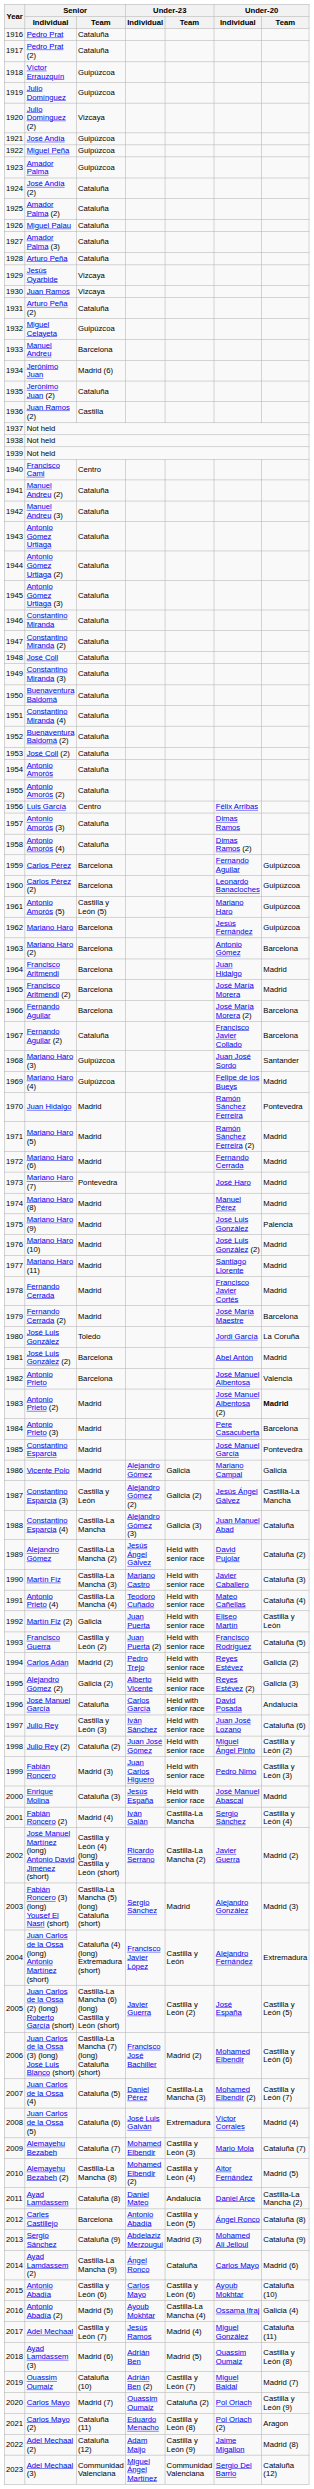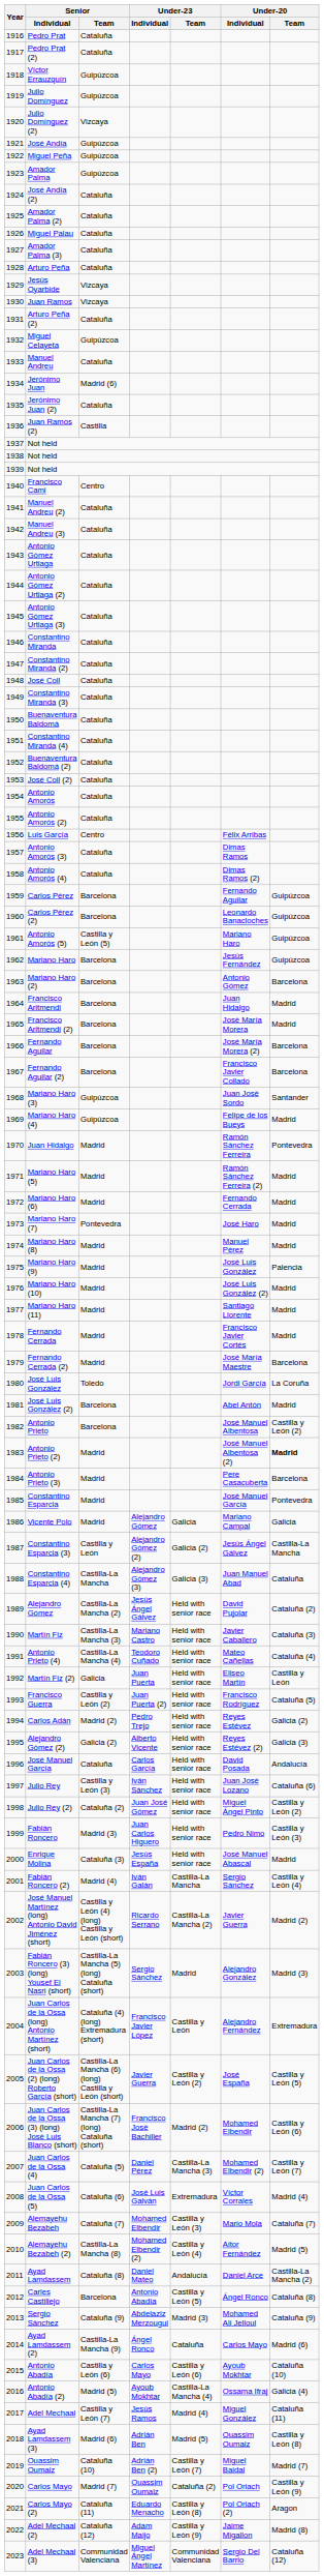 <table class="wikitable">
 <tr>
 <th rowspan="2">Year</th>
 <th colspan="2">Senior</th>
 <th colspan="2">Under-23</th>
 <th colspan="2">Under-20</th>
 </tr>
 <tr>
 <th>Individual</th>
 <th>Team</th>
 <th>Individual</th>
 <th>Team</th>
 <th>Individual</th>
 <th>Team</th>
 </tr>
 <tr>
 <td>1916</td>
 <td><a href='#'>Pedro Prat</a></td>
 <td>Cataluña</td>
 <td></td>
 <td></td>
 <td></td>
 <td></td>
 </tr>
 <tr>
 <td>1917</td>
 <td><a href='#'>Pedro Prat</a> (2)</td>
 <td>Cataluña</td>
 <td></td>
 <td></td>
 <td></td>
 <td></td>
 </tr>
 <tr>
 <td>1918</td>
 <td><a href='#'>Víctor Errauzquín</a></td>
 <td>Guipúzcoa</td>
 <td></td>
 <td></td>
 <td></td>
 <td></td>
 </tr>
 <tr>
 <td>1919</td>
 <td><a href='#'>Julio Domínguez</a></td>
 <td>Guipúzcoa</td>
 <td></td>
 <td></td>
 <td></td>
 <td></td>
 </tr>
 <tr>
 <td>1920</td>
 <td><a href='#'>Julio Domínguez</a> (2)</td>
 <td>Vizcaya</td>
 <td></td>
 <td></td>
 <td></td>
 <td></td>
 </tr>
 <tr>
 <td>1921</td>
 <td><a href='#'>José Andía</a></td>
 <td>Guipúzcoa</td>
 <td></td>
 <td></td>
 <td></td>
 <td></td>
 </tr>
 <tr>
 <td>1922</td>
 <td><a href='#'>Miguel Peña</a></td>
 <td>Guipúzcoa</td>
 <td></td>
 <td></td>
 <td></td>
 <td></td>
 </tr>
 <tr>
 <td>1923</td>
 <td><a href='#'>Amador Palma</a></td>
 <td>Guipúzcoa</td>
 <td></td>
 <td></td>
 <td></td>
 <td></td>
 </tr>
 <tr>
 <td>1924</td>
 <td><a href='#'>José Andía</a> (2)</td>
 <td>Cataluña</td>
 <td></td>
 <td></td>
 <td></td>
 <td></td>
 </tr>
 <tr>
 <td>1925</td>
 <td><a href='#'>Amador Palma</a> (2)</td>
 <td>Cataluña</td>
 <td></td>
 <td></td>
 <td></td>
 <td></td>
 </tr>
 <tr>
 <td>1926</td>
 <td><a href='#'>Miguel Palau</a></td>
 <td>Cataluña</td>
 <td></td>
 <td></td>
 <td></td>
 <td></td>
 </tr>
 <tr>
 <td>1927</td>
 <td><a href='#'>Amador Palma</a> (3)</td>
 <td>Cataluña</td>
 <td></td>
 <td></td>
 <td></td>
 <td></td>
 </tr>
 <tr>
 <td>1928</td>
 <td><a href='#'>Arturo Peña</a></td>
 <td>Cataluña</td>
 <td></td>
 <td></td>
 <td></td>
 <td></td>
 </tr>
 <tr>
 <td>1929</td>
 <td><a href='#'>Jesús Oyarbide</a></td>
 <td>Vizcaya</td>
 <td></td>
 <td></td>
 <td></td>
 <td></td>
 </tr>
 <tr>
 <td>1930</td>
 <td><a href='#'>Juan Ramos</a></td>
 <td>Vizcaya</td>
 <td></td>
 <td></td>
 <td></td>
 <td></td>
 </tr>
 <tr>
 <td>1931</td>
 <td><a href='#'>Arturo Peña</a> (2)</td>
 <td>Cataluña</td>
 <td></td>
 <td></td>
 <td></td>
 <td></td>
 </tr>
 <tr>
 <td>1932</td>
 <td><a href='#'>Miguel Celayeta</a></td>
 <td>Guipúzcoa</td>
 <td></td>
 <td></td>
 <td></td>
 <td></td>
 </tr>
 <tr>
 <td>1933</td>
 <td><a href='#'>Manuel Andreu</a></td>
-<td>Barcelona</td>
+<td>Cataluña</td>
 <td></td>
 <td></td>
 <td></td>
 <td></td>
 </tr>
 <tr>
 <td>1934</td>
 <td><a href='#'>Jerónimo Juan</a></td>
 <td> Madrid (6)</td>
 <td></td>
 <td></td>
 <td></td>
 <td></td>
 </tr>
 <tr>
 <td>1935</td>
 <td><a href='#'>Jerónimo Juan</a> (2)</td>
 <td>Cataluña</td>
 <td></td>
 <td></td>
 <td></td>
 <td></td>
 </tr>
 <tr>
 <td>1936</td>
 <td><a href='#'>Juan Ramos</a> (2)</td>
 <td>Castilla</td>
 <td></td>
 <td></td>
 <td></td>
 <td></td>
 </tr>
 <tr>
 <td>1937</td>
 <td colspan="6">Not held</td>
 </tr>
 <tr>
 <td>1938</td>
 <td colspan="6">Not held</td>
 </tr>
 <tr>
 <td>1939</td>
 <td colspan="6">Not held</td>
 </tr>
 <tr>
 <td>1940</td>
 <td><a href='#'>Francisco Cami</a></td>
 <td>Centro</td>
 <td></td>
 <td></td>
 <td></td>
 <td></td>
 </tr>
 <tr>
 <td>1941</td>
 <td><a href='#'>Manuel Andreu</a> (2)</td>
 <td>Cataluña</td>
 <td></td>
 <td></td>
 <td></td>
 <td></td>
 </tr>
 <tr>
 <td>1942</td>
 <td><a href='#'>Manuel Andreu</a> (3)</td>
 <td>Cataluña</td>
 <td></td>
 <td></td>
 <td></td>
 <td></td>
 </tr>
 <tr>
 <td>1943</td>
 <td><a href='#'>Antonio Gómez Urtiaga</a></td>
 <td>Cataluña</td>
 <td></td>
 <td></td>
 <td></td>
 <td></td>
 </tr>
 <tr>
 <td>1944</td>
 <td><a href='#'>Antonio Gómez Urtiaga</a> (2)</td>
 <td>Cataluña</td>
 <td></td>
 <td></td>
 <td></td>
 <td></td>
 </tr>
 <tr>
 <td>1945</td>
 <td><a href='#'>Antonio Gómez Urtiaga</a> (3)</td>
 <td>Cataluña</td>
 <td></td>
 <td></td>
 <td></td>
 <td></td>
 </tr>
 <tr>
 <td>1946</td>
 <td><a href='#'>Constantino Miranda</a></td>
 <td>Cataluña</td>
 <td></td>
 <td></td>
 <td></td>
 <td></td>
 </tr>
 <tr>
 <td>1947</td>
 <td><a href='#'>Constantino Miranda</a> (2)</td>
 <td>Cataluña</td>
 <td></td>
 <td></td>
 <td></td>
 <td></td>
 </tr>
 <tr>
 <td>1948</td>
 <td><a href='#'>José Coll</a></td>
 <td>Cataluña</td>
 <td></td>
 <td></td>
 <td></td>
 <td></td>
 </tr>
 <tr>
 <td>1949</td>
 <td><a href='#'>Constantino Miranda</a> (3)</td>
 <td>Cataluña</td>
 <td></td>
 <td></td>
 <td></td>
 <td></td>
 </tr>
 <tr>
 <td>1950</td>
 <td><a href='#'>Buenaventura Baldomá</a></td>
 <td>Cataluña</td>
 <td></td>
 <td></td>
 <td></td>
 <td></td>
 </tr>
 <tr>
 <td>1951</td>
 <td><a href='#'>Constantino Miranda</a> (4)</td>
 <td>Cataluña</td>
 <td></td>
 <td></td>
 <td></td>
 <td></td>
 </tr>
 <tr>
 <td>1952</td>
 <td><a href='#'>Buenaventura Baldomá</a> (2)</td>
 <td>Cataluña</td>
 <td></td>
 <td></td>
 <td></td>
 <td></td>
 </tr>
 <tr>
 <td>1953</td>
 <td><a href='#'>José Coll</a> (2)</td>
 <td>Cataluña</td>
 <td></td>
 <td></td>
 <td></td>
 <td></td>
 </tr>
 <tr>
 <td>1954</td>
 <td><a href='#'>Antonio Amorós</a></td>
 <td>Cataluña</td>
 <td></td>
 <td></td>
 <td></td>
 <td></td>
 </tr>
 <tr>
 <td>1955</td>
 <td><a href='#'>Antonio Amorós</a> (2)</td>
 <td>Cataluña</td>
 <td></td>
 <td></td>
 <td></td>
 <td></td>
 </tr>
 <tr>
 <td>1956</td>
 <td><a href='#'>Luis García</a></td>
 <td>Centro</td>
 <td></td>
 <td></td>
 <td><a href='#'>Félix Arribas</a></td>
 <td></td>
 </tr>
 <tr>
 <td>1957</td>
 <td><a href='#'>Antonio Amorós</a> (3)</td>
 <td>Cataluña</td>
 <td></td>
 <td></td>
 <td><a href='#'>Dimas Ramos</a></td>
 <td></td>
 </tr>
 <tr>
 <td>1958</td>
 <td><a href='#'>Antonio Amorós</a> (4)</td>
 <td>Cataluña</td>
 <td></td>
 <td></td>
 <td><a href='#'>Dimas Ramos</a> (2)</td>
 <td></td>
 </tr>
 <tr>
 <td>1959</td>
 <td><a href='#'>Carlos Pérez</a></td>
 <td>Barcelona</td>
 <td></td>
 <td></td>
 <td><a href='#'>Fernando Aguilar</a></td>
 <td>Guipúzcoa</td>
 </tr>
 <tr>
 <td>1960</td>
 <td><a href='#'>Carlos Pérez</a> (2)</td>
 <td>Barcelona</td>
 <td></td>
 <td></td>
 <td><a href='#'>Leonardo Banacloches</a></td>
 <td>Guipúzcoa</td>
 </tr>
 <tr>
 <td>1961</td>
 <td><a href='#'>Antonio Amorós</a> (5)</td>
 <td> Castilla y León (5)</td>
 <td></td>
 <td></td>
 <td><a href='#'>Mariano Haro</a></td>
 <td>Guipúzcoa</td>
 </tr>
 <tr>
 <td>1962</td>
 <td><a href='#'>Mariano Haro</a></td>
 <td>Barcelona</td>
 <td></td>
 <td></td>
 <td><a href='#'>Jesús Fernández</a></td>
 <td>Guipúzcoa</td>
 </tr>
 <tr>
 <td>1963</td>
 <td><a href='#'>Mariano Haro</a> (2)</td>
 <td>Barcelona</td>
 <td></td>
 <td></td>
 <td><a href='#'>Antonio Gómez</a></td>
 <td>Barcelona</td>
 </tr>
 <tr>
 <td>1964</td>
 <td><a href='#'>Francisco Aritmendi</a></td>
 <td>Barcelona</td>
 <td></td>
 <td></td>
 <td><a href='#'>Juan Hidalgo</a></td>
 <td>Madrid</td>
 </tr>
 <tr>
 <td>1965</td>
 <td><a href='#'>Francisco Aritmendi</a> (2)</td>
 <td>Barcelona</td>
 <td></td>
 <td></td>
 <td><a href='#'>José María Morera</a></td>
 <td>Madrid</td>
 </tr>
 <tr>
 <td>1966</td>
 <td><a href='#'>Fernando Aguilar</a></td>
 <td>Barcelona</td>
 <td></td>
 <td></td>
 <td><a href='#'>José María Morera</a> (2)</td>
 <td>Barcelona</td>
 </tr>
 <tr>
 <td>1967</td>
 <td><a href='#'>Fernando Aguilar</a> (2)</td>
-<td>Cataluña</td>
+<td>Barcelona</td>
 <td></td>
 <td></td>
 <td><a href='#'>Francisco Javier Collado</a></td>
 <td>Barcelona</td>
 </tr>
 <tr>
 <td>1968</td>
 <td><a href='#'>Mariano Haro</a> (3)</td>
 <td>Guipúzcoa</td>
 <td></td>
 <td></td>
 <td><a href='#'>Juan José Sordo</a></td>
 <td>Santander</td>
 </tr>
 <tr>
 <td>1969</td>
 <td><a href='#'>Mariano Haro</a> (4)</td>
 <td>Guipúzcoa</td>
 <td></td>
 <td></td>
 <td><a href='#'>Felipe de los Bueys</a></td>
 <td>Madrid</td>
 </tr>
 <tr>
 <td>1970</td>
 <td><a href='#'>Juan Hidalgo</a></td>
 <td>Madrid</td>
 <td></td>
 <td></td>
 <td><a href='#'>Ramón Sánchez Ferreira</a></td>
 <td>Pontevedra</td>
 </tr>
 <tr>
 <td>1971</td>
 <td><a href='#'>Mariano Haro</a> (5)</td>
 <td>Madrid</td>
 <td></td>
 <td></td>
 <td><a href='#'>Ramón Sánchez Ferreira</a> (2)</td>
 <td>Madrid</td>
 </tr>
 <tr>
 <td>1972</td>
 <td><a href='#'>Mariano Haro</a> (6)</td>
 <td>Madrid</td>
 <td></td>
 <td></td>
 <td><a href='#'>Fernando Cerrada</a></td>
 <td>Madrid</td>
 </tr>
 <tr>
 <td>1973</td>
 <td><a href='#'>Mariano Haro</a> (7)</td>
 <td>Pontevedra</td>
 <td></td>
 <td></td>
 <td><a href='#'>José Haro</a></td>
 <td>Madrid</td>
 </tr>
 <tr>
 <td>1974</td>
 <td><a href='#'>Mariano Haro</a> (8)</td>
 <td>Madrid</td>
 <td></td>
 <td></td>
 <td><a href='#'>Manuel Pérez</a></td>
 <td>Madrid</td>
 </tr>
 <tr>
 <td>1975</td>
 <td><a href='#'>Mariano Haro</a> (9)</td>
 <td>Madrid</td>
 <td></td>
 <td></td>
 <td><a href='#'>José Luis González</a></td>
 <td>Palencia</td>
 </tr>
 <tr>
 <td>1976</td>
 <td><a href='#'>Mariano Haro</a> (10)</td>
 <td>Madrid</td>
 <td></td>
 <td></td>
 <td><a href='#'>José Luis González</a> (2)</td>
 <td>Madrid</td>
 </tr>
 <tr>
 <td>1977</td>
 <td><a href='#'>Mariano Haro</a> (11)</td>
 <td>Madrid</td>
 <td></td>
 <td></td>
 <td><a href='#'>Santiago Llorente</a></td>
 <td>Madrid</td>
 </tr>
 <tr>
 <td>1978</td>
 <td><a href='#'>Fernando Cerrada</a></td>
 <td>Madrid</td>
 <td></td>
 <td></td>
 <td><a href='#'>Francisco Javier Cortés</a></td>
 <td>Madrid</td>
 </tr>
 <tr>
 <td>1979</td>
 <td><a href='#'>Fernando Cerrada</a> (2)</td>
 <td>Madrid</td>
 <td></td>
 <td></td>
 <td><a href='#'>José María Maestre</a></td>
 <td>Barcelona</td>
 </tr>
 <tr>
 <td>1980</td>
 <td><a href='#'>José Luis González</a></td>
 <td>Toledo</td>
 <td></td>
 <td></td>
 <td><a href='#'>Jordi García</a></td>
 <td>La Coruña</td>
 </tr>
 <tr>
 <td>1981</td>
 <td><a href='#'>José Luis González</a> (2)</td>
 <td>Barcelona</td>
 <td></td>
 <td></td>
 <td><a href='#'>Abel Antón</a></td>
 <td>Madrid</td>
 </tr>
 <tr>
 <td>1982</td>
 <td><a href='#'>Antonio Prieto</a></td>
 <td>Barcelona</td>
 <td></td>
 <td></td>
 <td><a href='#'>José Manuel Albentosa</a></td>
-<td>Valencia</td>
+<td> Castilla y León (2)</td>
 </tr>
 <tr>
 <td>1983</td>
 <td><a href='#'>Antonio Prieto</a> (2)</td>
 <td>Madrid</td>
 <td></td>
 <td></td>
 <td><a href='#'>José Manuel Albentosa</a> (2)</td>
 <td><strong>Madrid</strong></td>
 </tr>
 <tr>
 <td>1984</td>
 <td><a href='#'>Antonio Prieto</a> (3)</td>
 <td>Madrid</td>
 <td></td>
 <td></td>
 <td><a href='#'>Pere Casacuberta</a></td>
 <td>Barcelona</td>
 </tr>
 <tr>
 <td>1985</td>
 <td><a href='#'>Constantino Esparcia</a></td>
 <td>Madrid</td>
 <td></td>
 <td></td>
 <td><a href='#'>José Manuel García</a></td>
 <td>Pontevedra</td>
 </tr>
 <tr>
 <td>1986</td>
 <td><a href='#'>Vicente Polo</a></td>
 <td> Madrid</td>
 <td><a href='#'>Alejandro Gómez</a></td>
 <td> Galicia</td>
 <td><a href='#'>Mariano Campal</a></td>
 <td> Galicia</td>
 </tr>
 <tr>
 <td>1987</td>
 <td><a href='#'>Constantino Esparcia</a> (3)</td>
 <td> Castilla y León</td>
 <td><a href='#'>Alejandro Gómez</a> (2)</td>
 <td> Galicia (2)</td>
 <td><a href='#'>Jesús Ángel Gálvez</a></td>
 <td> Castilla-La Mancha</td>
 </tr>
 <tr>
 <td>1988</td>
 <td><a href='#'>Constantino Esparcia</a> (4)</td>
 <td> Castilla-La Mancha</td>
 <td><a href='#'>Alejandro Gómez</a> (3)</td>
 <td> Galicia (3)</td>
 <td><a href='#'>Juan Manuel Abad</a></td>
 <td> Cataluña</td>
 </tr>
 <tr>
 <td>1989</td>
 <td><a href='#'>Alejandro Gómez</a></td>
 <td> Castilla-La Mancha (2)</td>
 <td><a href='#'>Jesús Ángel Gálvez</a></td>
 <td>Held with senior race</td>
 <td><a href='#'>David Pujolar</a></td>
 <td> Cataluña (2)</td>
 </tr>
 <tr>
 <td>1990</td>
 <td><a href='#'>Martín Fiz</a></td>
 <td> Castilla-La Mancha (3)</td>
 <td><a href='#'>Mariano Castro</a></td>
 <td>Held with senior race</td>
 <td><a href='#'>Javier Caballero</a></td>
 <td> Cataluña (3)</td>
 </tr>
 <tr>
 <td>1991</td>
 <td><a href='#'>Antonio Prieto</a> (4)</td>
 <td> Castilla-La Mancha (4)</td>
 <td><a href='#'>Teodoro Cuñado</a></td>
 <td>Held with senior race</td>
 <td><a href='#'>Mateo Cañellas</a></td>
 <td> Cataluña (4)</td>
 </tr>
 <tr>
 <td>1992</td>
 <td><a href='#'>Martín Fiz</a> (2)</td>
 <td> Galicia</td>
 <td><a href='#'>Juan Puerta</a></td>
 <td>Held with senior race</td>
 <td><a href='#'>Eliseo Martín</a></td>
 <td> Castilla y León</td>
 </tr>
 <tr>
 <td>1993</td>
 <td><a href='#'>Francisco Guerra</a></td>
 <td> Castilla y León (2)</td>
 <td><a href='#'>Juan Puerta</a> (2)</td>
 <td>Held with senior race</td>
 <td><a href='#'>Francisco Rodríguez</a></td>
 <td> Cataluña (5)</td>
 </tr>
 <tr>
 <td>1994</td>
 <td><a href='#'>Carlos Adán</a></td>
 <td> Madrid (2)</td>
 <td><a href='#'>Pedro Trejo</a></td>
 <td>Held with senior race</td>
 <td><a href='#'>Reyes Estévez</a></td>
 <td> Galicia (2)</td>
 </tr>
 <tr>
 <td>1995</td>
 <td><a href='#'>Alejandro Gómez</a> (2)</td>
 <td> Galicia (2)</td>
 <td><a href='#'>Alberto Vicente</a></td>
 <td>Held with senior race</td>
 <td><a href='#'>Reyes Estévez</a> (2)</td>
 <td> Galicia (3)</td>
 </tr>
 <tr>
 <td>1996</td>
 <td><a href='#'>José Manuel García</a></td>
 <td> Cataluña</td>
 <td><a href='#'>Carlos García</a></td>
 <td>Held with senior race</td>
 <td><a href='#'>David Posada</a></td>
 <td> Andalucía</td>
 </tr>
 <tr>
 <td>1997</td>
 <td><a href='#'>Julio Rey</a></td>
 <td> Castilla y León (3)</td>
 <td><a href='#'>Iván Sánchez</a></td>
 <td>Held with senior race</td>
 <td><a href='#'>Juan José Lozano</a></td>
 <td> Cataluña (6)</td>
 </tr>
 <tr>
 <td>1998</td>
 <td><a href='#'>Julio Rey</a> (2)</td>
 <td> Cataluña (2)</td>
 <td><a href='#'>Juan José Gómez</a></td>
 <td>Held with senior race</td>
 <td><a href='#'>Miguel Ángel Pinto</a></td>
 <td> Castilla y León (2)</td>
 </tr>
 <tr>
 <td>1999</td>
 <td><a href='#'>Fabián Roncero</a></td>
 <td> Madrid (3)</td>
 <td><a href='#'>Juan Carlos Higuero</a></td>
 <td>Held with senior race</td>
 <td><a href='#'>Pedro Nimo</a></td>
 <td> Castilla y León (3)</td>
 </tr>
 <tr>
 <td>2000</td>
 <td><a href='#'>Enrique Molina</a></td>
 <td> Cataluña (3)</td>
 <td><a href='#'>Jesús España</a></td>
 <td>Held with senior race</td>
 <td><a href='#'>José Manuel Abascal</a></td>
 <td> Madrid</td>
 </tr>
 <tr>
 <td>2001</td>
 <td><a href='#'>Fabián Roncero</a> (2)</td>
 <td> Madrid (4)</td>
 <td><a href='#'>Iván Galán</a></td>
 <td> Castilla-La Mancha</td>
 <td><a href='#'>Sergio Sánchez</a></td>
 <td> Castilla y León (4)</td>
 </tr>
 <tr>
 <td>2002</td>
 <td><a href='#'>José Manuel Martínez</a> (long)<br><a href='#'>Antonio David Jiménez</a> (short)</td>
 <td> Castilla y León (4) (long)<br> Castilla y León (short)</td>
 <td><a href='#'>Ricardo Serrano</a></td>
 <td> Castilla-La Mancha (2)</td>
 <td><a href='#'>Javier Guerra</a></td>
 <td> Madrid (2)</td>
 </tr>
 <tr>
 <td>2003</td>
 <td><a href='#'>Fabián Roncero</a> (3) (long)<br><a href='#'>Yousef El Nasri</a> (short)</td>
 <td> Castilla-La Mancha (5) (long)<br> Cataluña (short)</td>
 <td><a href='#'>Sergio Sánchez</a></td>
 <td> Madrid</td>
 <td><a href='#'>Alejandro González</a></td>
 <td> Madrid (3)</td>
 </tr>
 <tr>
 <td>2004</td>
 <td><a href='#'>Juan Carlos de la Ossa</a> (long)<br><a href='#'>Antonio Martínez</a> (short)</td>
 <td> Cataluña (4) (long)<br> Extremadura (short)</td>
 <td><a href='#'>Francisco Javier López</a></td>
 <td> Castilla y León</td>
 <td><a href='#'>Alejandro Fernández</a></td>
 <td> Extremadura</td>
 </tr>
 <tr>
 <td>2005</td>
 <td><a href='#'>Juan Carlos de la Ossa</a> (2) (long)<br><a href='#'>Roberto García</a> (short)</td>
 <td> Castilla-La Mancha (6) (long)<br> Castilla y León (short)</td>
 <td><a href='#'>Javier Guerra</a></td>
 <td> Castilla y León (2)</td>
 <td><a href='#'>José España</a></td>
 <td> Castilla y León (5)</td>
 </tr>
 <tr>
 <td>2006</td>
 <td><a href='#'>Juan Carlos de la Ossa</a> (3) (long)<br><a href='#'>José Luis Blanco</a> (short)</td>
 <td> Castilla-La Mancha (7) (long)<br> Cataluña (short)</td>
 <td><a href='#'>Francisco José Bachiller</a></td>
 <td> Madrid (2)</td>
 <td><a href='#'>Mohamed Elbendir</a></td>
 <td> Castilla y León (6)</td>
 </tr>
 <tr>
 <td>2007</td>
 <td><a href='#'>Juan Carlos de la Ossa</a> (4)</td>
 <td> Cataluña (5)</td>
 <td><a href='#'>Daniel Pérez</a></td>
 <td> Castilla-La Mancha (3)</td>
 <td><a href='#'>Mohamed Elbendir</a> (2)</td>
 <td> Castilla y León (7)</td>
 </tr>
 <tr>
 <td>2008</td>
 <td><a href='#'>Juan Carlos de la Ossa</a> (5)</td>
 <td> Cataluña (6)</td>
 <td><a href='#'>José Luis Galván</a></td>
 <td> Extremadura</td>
 <td><a href='#'>Víctor Corrales</a></td>
 <td> Madrid (4)</td>
 </tr>
 <tr>
 <td>2009</td>
 <td><a href='#'>Alemayehu Bezabeh</a></td>
 <td> Cataluña (7)</td>
 <td><a href='#'>Mohamed Elbendir</a></td>
 <td> Castilla y León (3)</td>
 <td><a href='#'>Mario Mola</a></td>
 <td> Cataluña (7)</td>
 </tr>
 <tr>
 <td>2010</td>
 <td><a href='#'>Alemayehu Bezabeh</a> (2)</td>
 <td> Castilla-La Mancha (8)</td>
 <td><a href='#'>Mohamed Elbendir</a> (2)</td>
 <td> Castilla y León (4)</td>
 <td><a href='#'>Aitor Fernández</a></td>
 <td> Madrid (5)</td>
 </tr>
 <tr>
 <td>2011</td>
 <td><a href='#'>Ayad Lamdassem</a></td>
 <td> Cataluña (8)</td>
 <td><a href='#'>Daniel Mateo</a></td>
 <td> Andalucía</td>
 <td><a href='#'>Daniel Arce</a></td>
 <td> Castilla-La Mancha (2)</td>
 </tr>
 <tr>
 <td>2012</td>
 <td><a href='#'>Carles Castillejo</a></td>
 <td>Barcelona</td>
 <td><a href='#'>Antonio Abadía</a></td>
 <td> Castilla y León (5)</td>
 <td><a href='#'>Ángel Ronco</a></td>
 <td> Cataluña (8)</td>
 </tr>
 <tr>
 <td>2013</td>
 <td><a href='#'>Sergio Sánchez</a></td>
 <td> Cataluña (9)</td>
 <td><a href='#'>Abdelaziz Merzougui</a></td>
 <td> Madrid (3)</td>
 <td><a href='#'>Mohamed Ali Jelloul</a></td>
 <td> Cataluña (9)</td>
 </tr>
 <tr>
 <td>2014</td>
 <td><a href='#'>Ayad Lamdassem</a> (2)</td>
 <td> Castilla-La Mancha (9)</td>
 <td><a href='#'>Ángel Ronco</a></td>
 <td> Cataluña</td>
 <td><a href='#'>Carlos Mayo</a></td>
 <td> Madrid (6)</td>
 </tr>
 <tr>
 <td>2015</td>
 <td><a href='#'>Antonio Abadía</a></td>
 <td> Castilla y León (6)</td>
 <td><a href='#'>Carlos Mayo</a></td>
 <td> Castilla y León (6)</td>
 <td><a href='#'>Ayoub Mokhtar</a></td>
 <td> Cataluña (10)</td>
 </tr>
 <tr>
 <td>2016</td>
 <td><a href='#'>Antonio Abadía</a> (2)</td>
 <td> Madrid (5)</td>
 <td><a href='#'>Ayoub Mokhtar</a></td>
 <td> Castilla-La Mancha (4)</td>
 <td><a href='#'>Ossama Ifraj</a></td>
 <td> Galicia (4)</td>
 </tr>
 <tr>
 <td>2017</td>
 <td><a href='#'>Adel Mechaal</a></td>
 <td> Castilla y León (7)</td>
 <td><a href='#'>Jesús Ramos</a></td>
 <td> Madrid (4)</td>
 <td><a href='#'>Miguel González</a></td>
 <td> Cataluña (11)</td>
 </tr>
 <tr>
 <td>2018</td>
 <td><a href='#'>Ayad Lamdassem</a> (3)</td>
 <td> Madrid (6)</td>
 <td><a href='#'>Adrián Ben</a></td>
 <td> Madrid (5)</td>
 <td><a href='#'>Ouassim Oumaiz</a></td>
 <td> Castilla y León (8)</td>
 </tr>
 <tr>
 <td>2019</td>
 <td><a href='#'>Ouassim Oumaiz</a></td>
 <td> Cataluña (10)</td>
 <td><a href='#'>Adrián Ben</a> (2)</td>
 <td> Castilla y León (7)</td>
 <td><a href='#'>Miguel Baidal</a></td>
 <td> Madrid (7)</td>
 </tr>
 <tr>
 <td>2020</td>
 <td><a href='#'>Carlos Mayo</a></td>
 <td> Madrid (7)</td>
 <td><a href='#'>Ouassim Oumaiz</a></td>
 <td> Cataluña (2)</td>
 <td><a href='#'>Pol Oriach</a></td>
 <td> Castilla y León (9)</td>
 </tr>
 <tr>
 <td>2021</td>
 <td><a href='#'>Carlos Mayo</a> (2)</td>
 <td> Cataluña (11)</td>
 <td><a href='#'>Eduardo Menacho</a></td>
 <td> Castilla y León (8)</td>
 <td><a href='#'>Pol Oriach</a> (2)</td>
 <td> Aragon</td>
 </tr>
 <tr>
 <td>2022</td>
 <td><a href='#'>Adel Mechaal</a> (2)</td>
 <td> Cataluña (12)</td>
 <td><a href='#'>Adam Maijo</a></td>
 <td> Castilla y León (9)</td>
 <td><a href='#'>Jaime Migallon</a></td>
 <td> Madrid (8)</td>
 </tr>
 <tr>
 <td>2023</td>
 <td><a href='#'>Adel Mechaal</a> (3)</td>
 <td> Communidad Valenciana</td>
 <td><a href='#'>Miguel Ángel Martínez</a></td>
 <td> Communidad Valenciana</td>
 <td><a href='#'>Sergio Del Barrio</a></td>
 <td> Cataluña (12)</td>
 </tr>
 </table>
